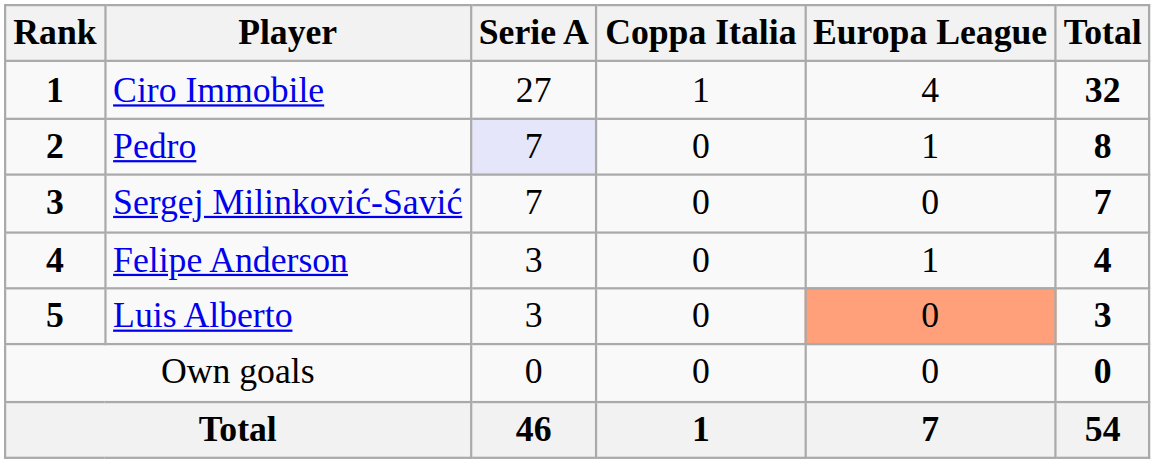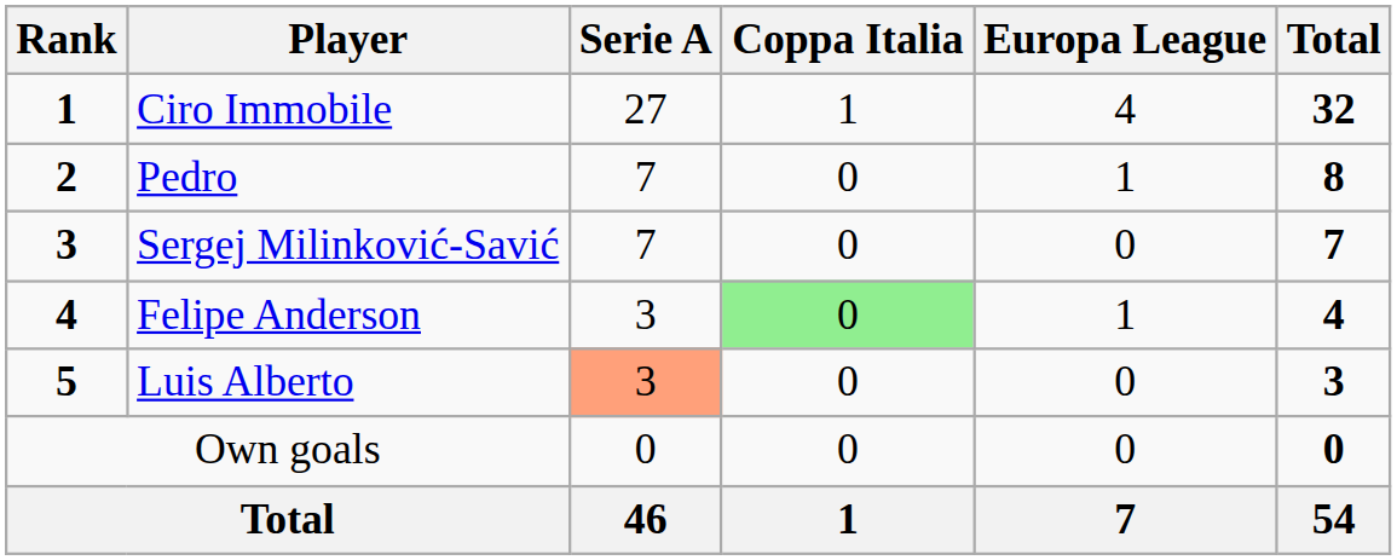 <table class="wikitable" style="text-align:center;">
 <tr>
 <th>Rank</th>
 <th>Player</th>
 <th>Serie A</th>
 <th>Coppa Italia</th>
 <th>Europa League</th>
 <th>Total</th>
 </tr>
 <tr>
 <td><strong>1</strong></td>
 <td align=left> <a href='#'>Ciro Immobile</a></td>
 <td>27</td>
 <td>1</td>
 <td>4</td>
 <td><strong>32</strong></td>
 </tr>
 <tr>
 <td><strong>2</strong></td>
 <td align=left> <a href='#'>Pedro</a></td>
-<td style="background: lavender;">7</td>
+<td>7</td>
 <td>0</td>
 <td>1</td>
 <td><strong>8</strong></td>
 </tr>
 <tr>
 <td><strong>3</strong></td>
 <td align=left> <a href='#'>Sergej Milinković-Savić</a></td>
 <td>7</td>
 <td>0</td>
 <td>0</td>
 <td><strong>7</strong></td>
 </tr>
 <tr>
 <td><strong>4</strong></td>
 <td align=left> <a href='#'>Felipe Anderson</a></td>
 <td>3</td>
-<td>0</td>
+<td style="background: lightgreen;">0</td>
 <td>1</td>
 <td><strong>4</strong></td>
 </tr>
 <tr>
 <td><strong>5</strong></td>
 <td align=left> <a href='#'>Luis Alberto</a></td>
-<td>3</td>
+<td style="background: lightsalmon;">3</td>
 <td>0</td>
-<td style="background: lightsalmon;">0</td>
+<td>0</td>
 <td><strong>3</strong></td>
 </tr>
 <tr>
 <td align=center colspan=2>Own goals</td>
 <td>0</td>
 <td>0</td>
 <td>0</td>
 <td><strong>0</strong></td>
 </tr>
 <tr>
 <th colspan=2>Total</th>
 <th>46</th>
 <th>1</th>
 <th>7</th>
 <th>54</th>
 </tr>
 </table>
